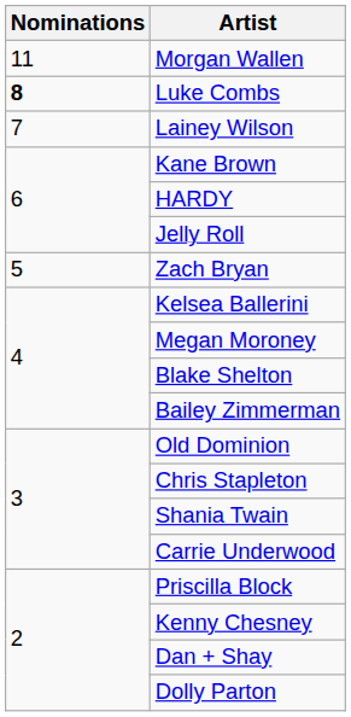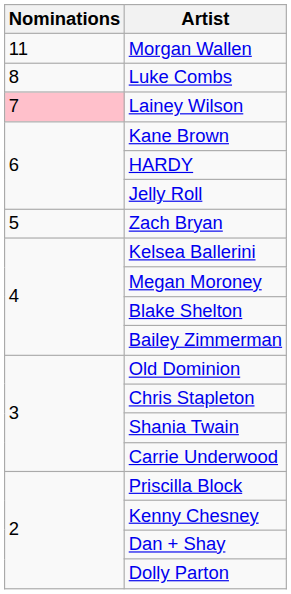 <table class="wikitable">
 <tr>
 <th>Nominations</th>
 <th>Artist</th>
 </tr>
 <tr>
 <td>11</td>
 <td><a href='#'>Morgan Wallen</a></td>
 </tr>
 <tr>
-<td><strong>8</strong></td>
+<td>8</td>
 <td><a href='#'>Luke Combs</a></td>
 </tr>
 <tr>
-<td>7</td>
+<td style="background: pink;">7</td>
 <td><a href='#'>Lainey Wilson</a></td>
 </tr>
 <tr>
 <td rowspan="3">6</td>
 <td><a href='#'>Kane Brown</a></td>
 </tr>
 <tr>
 <td><a href='#'>HARDY</a></td>
 </tr>
 <tr>
 <td><a href='#'>Jelly Roll</a></td>
 </tr>
 <tr>
 <td>5</td>
 <td><a href='#'>Zach Bryan</a></td>
 </tr>
 <tr>
 <td rowspan="4">4</td>
 <td><a href='#'>Kelsea Ballerini</a></td>
 </tr>
 <tr>
 <td><a href='#'>Megan Moroney</a></td>
 </tr>
 <tr>
 <td><a href='#'>Blake Shelton</a></td>
 </tr>
 <tr>
 <td><a href='#'>Bailey Zimmerman</a></td>
 </tr>
 <tr>
 <td rowspan="4">3</td>
 <td><a href='#'>Old Dominion</a></td>
 </tr>
 <tr>
 <td><a href='#'>Chris Stapleton</a></td>
 </tr>
 <tr>
 <td><a href='#'>Shania Twain</a></td>
 </tr>
 <tr>
 <td><a href='#'>Carrie Underwood</a></td>
 </tr>
 <tr>
 <td rowspan="4">2</td>
 <td><a href='#'>Priscilla Block</a></td>
 </tr>
 <tr>
 <td><a href='#'>Kenny Chesney</a></td>
 </tr>
 <tr>
 <td><a href='#'>Dan + Shay</a></td>
 </tr>
 <tr>
 <td><a href='#'>Dolly Parton</a></td>
 </tr>
 </table>
